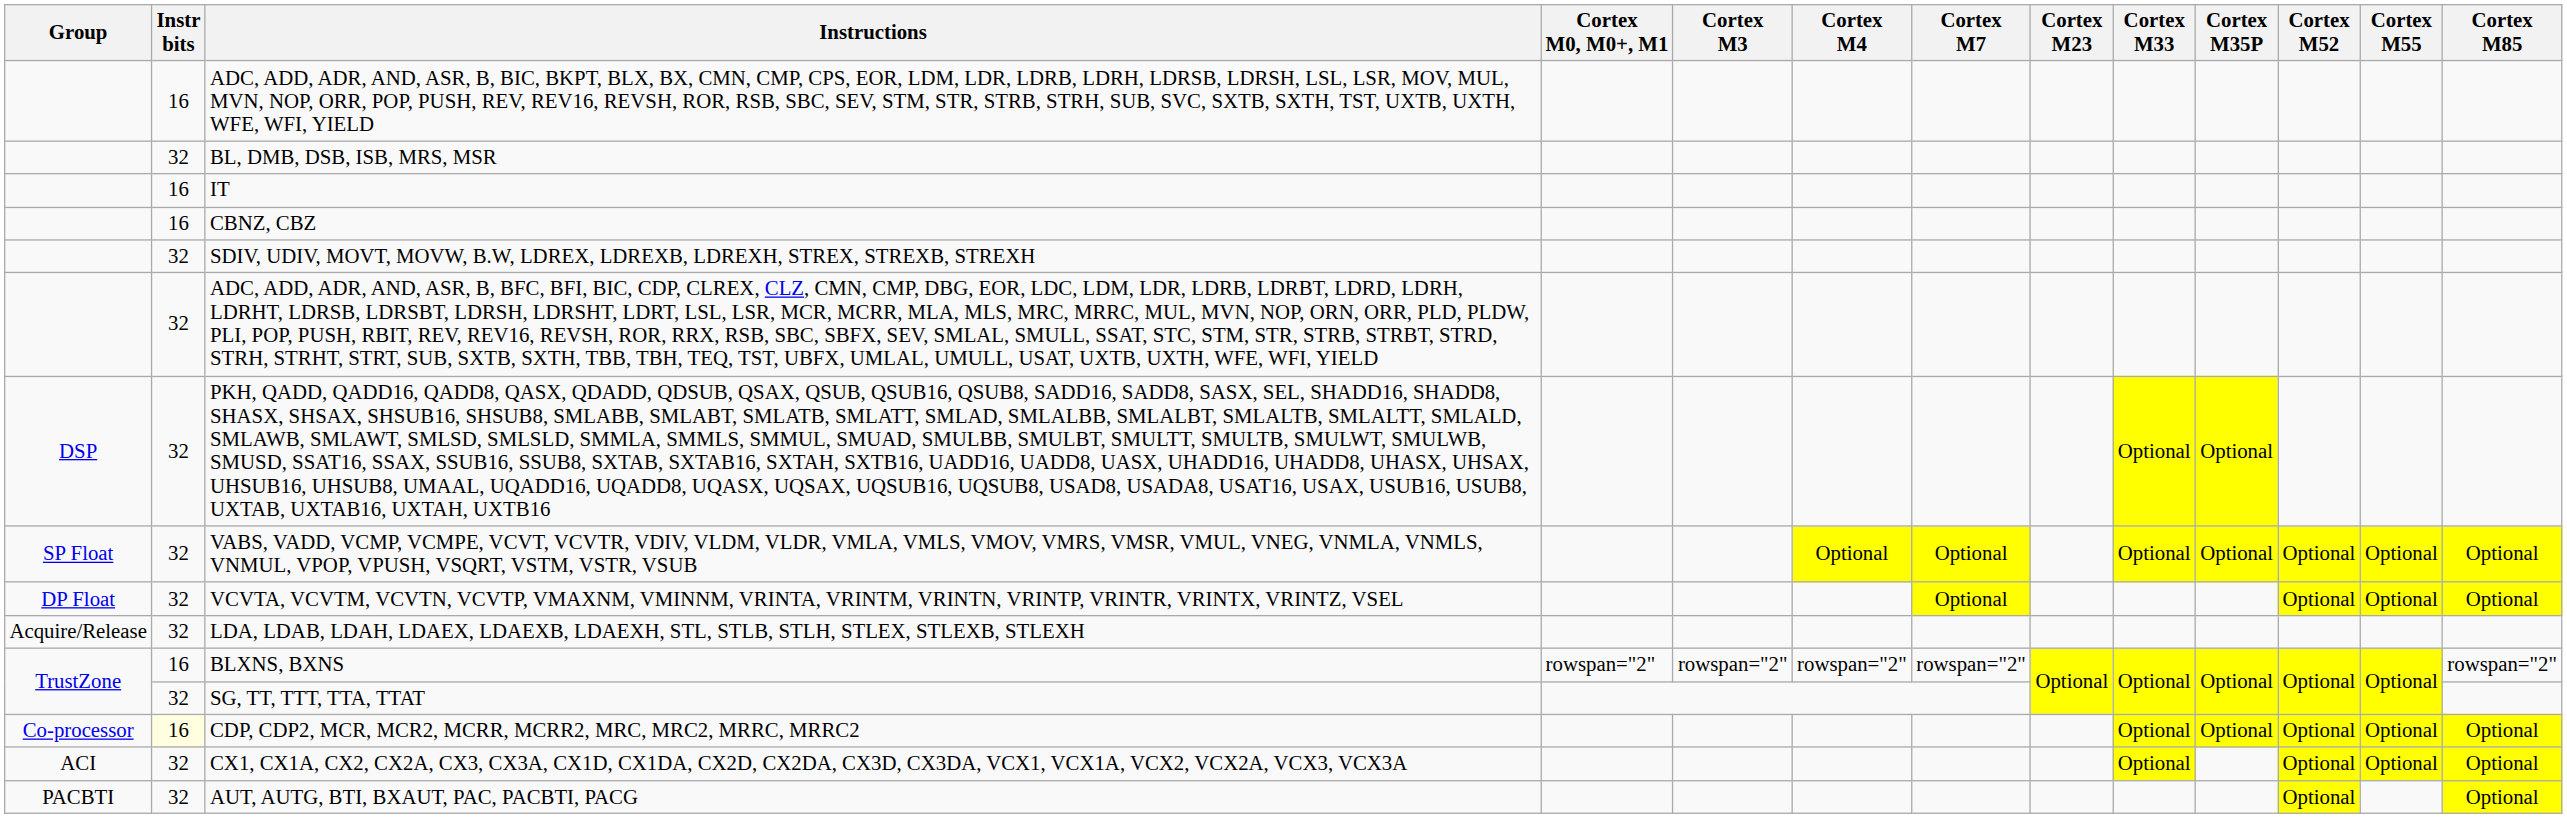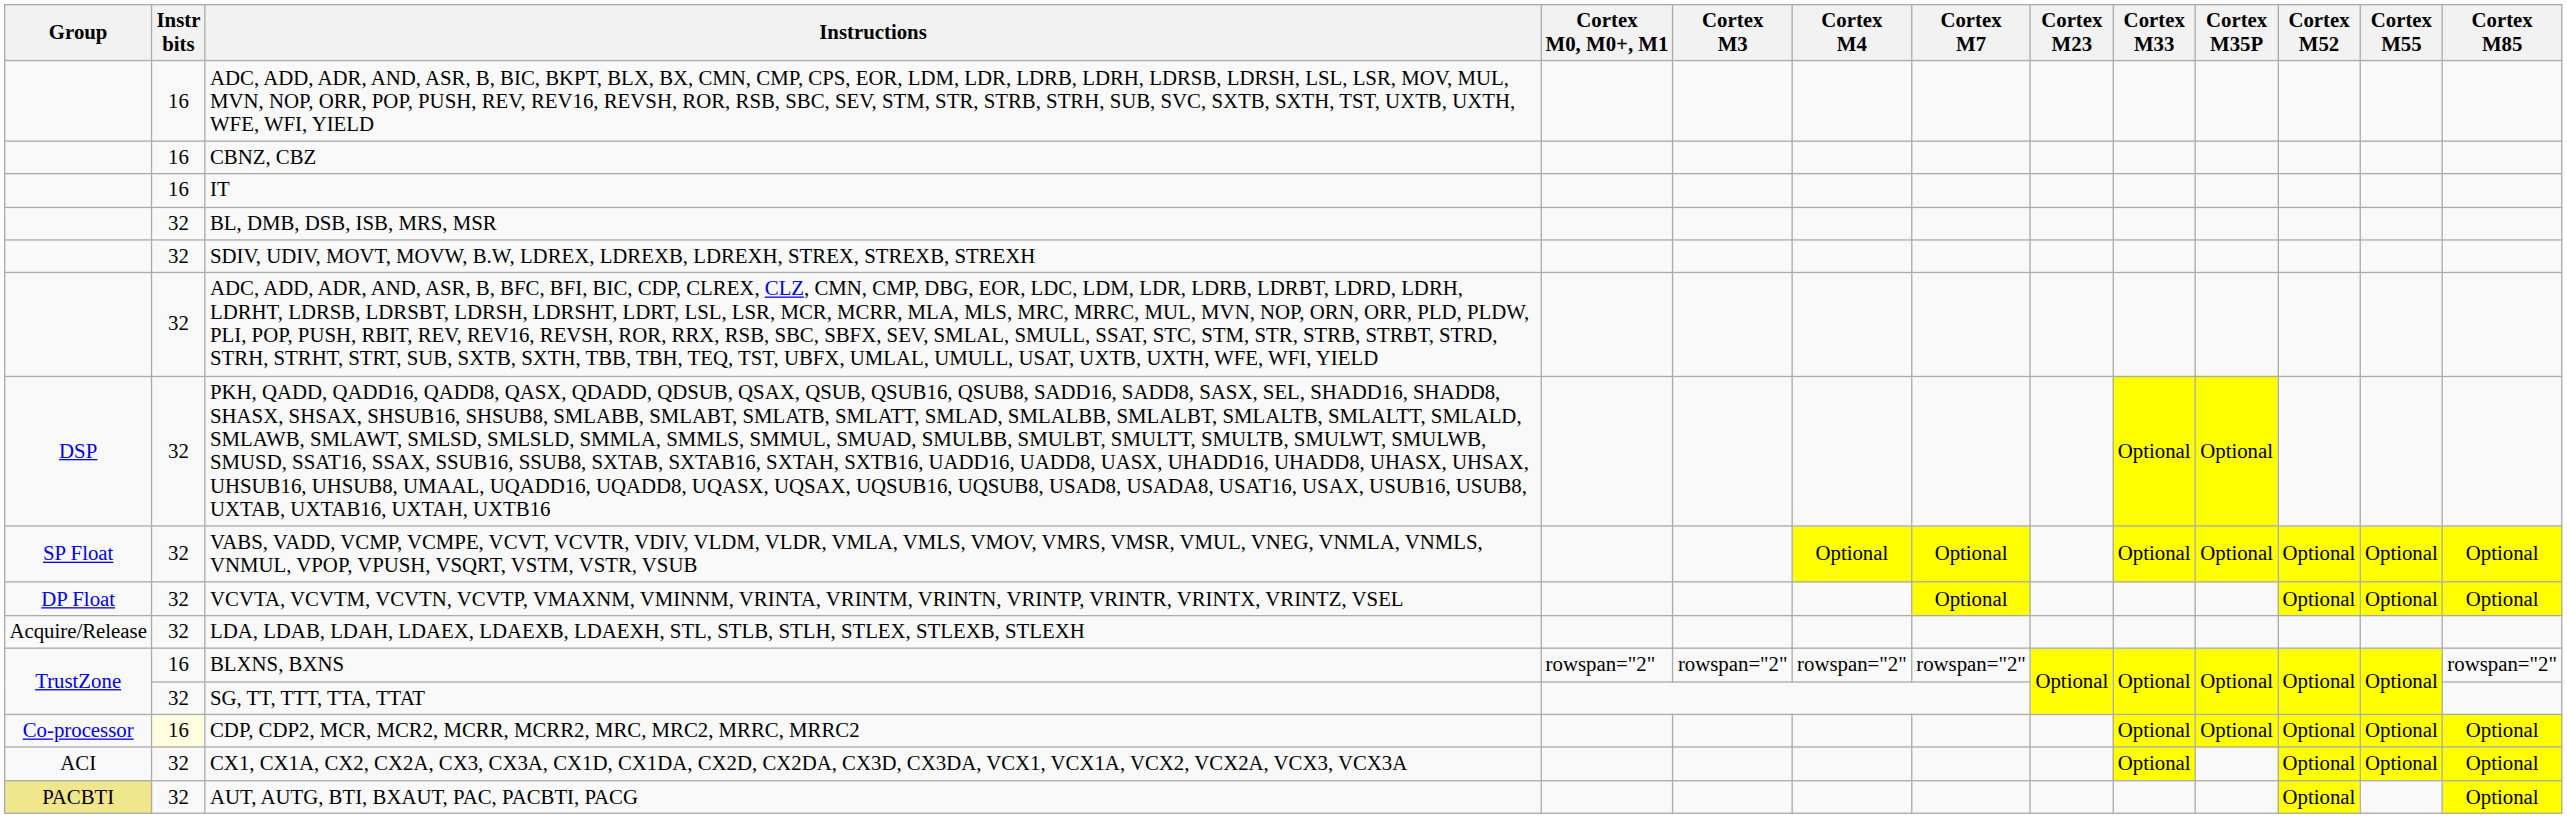 <table class="wikitable">
 <tr>
 <th>Group</th>
 <th>Instr<br>bits</th>
 <th>Instructions</th>
 <th>Cortex<br>M0, M0+, M1</th>
 <th>Cortex<br>M3</th>
 <th>Cortex<br>M4</th>
 <th>Cortex<br>M7</th>
 <th>Cortex<br>M23</th>
 <th>Cortex<br>M33</th>
 <th>Cortex<br>M35P</th>
 <th>Cortex<br>M52</th>
 <th>Cortex<br>M55</th>
 <th>Cortex<br>M85</th>
 </tr>
 <tr>
 <td style="text-align: center;"></td>
 <td style="text-align: center;">16</td>
 <td>ADC, ADD, ADR, AND, ASR, B, BIC, BKPT, BLX, BX, CMN, CMP, CPS, EOR, LDM, LDR, LDRB, LDRH, LDRSB, LDRSH, LSL, LSR, MOV, MUL, MVN, NOP, ORR, POP, PUSH, REV, REV16, REVSH, ROR, RSB, SBC, SEV, STM, STR, STRB, STRH, SUB, SVC, SXTB, SXTH, TST, UXTB, UXTH, WFE, WFI, YIELD</td>
 <td></td>
 <td></td>
 <td></td>
 <td></td>
 <td></td>
 <td></td>
 <td></td>
 <td></td>
 <td></td>
 <td></td>
 </tr>
 <tr>
 <td style="text-align: center;"></td>
-<td style="text-align: center;">32</td>
-<td>BL, DMB, DSB, ISB, MRS, MSR</td>
+<td style="text-align: center;">16</td>
+<td>CBNZ, CBZ</td>
 <td></td>
 <td></td>
 <td></td>
 <td></td>
 <td></td>
 <td></td>
 <td></td>
 <td></td>
 <td></td>
 <td></td>
 </tr>
 <tr>
 <td style="text-align: center;"></td>
 <td style="text-align: center;">16</td>
 <td>IT</td>
 <td></td>
 <td></td>
 <td></td>
 <td></td>
 <td></td>
 <td></td>
 <td></td>
 <td></td>
 <td></td>
 <td></td>
 </tr>
 <tr>
 <td style="text-align: center;"></td>
-<td style="text-align: center;">16</td>
-<td>CBNZ, CBZ</td>
+<td style="text-align: center;">32</td>
+<td>BL, DMB, DSB, ISB, MRS, MSR</td>
 <td></td>
 <td></td>
 <td></td>
 <td></td>
 <td></td>
 <td></td>
 <td></td>
 <td></td>
 <td></td>
 <td></td>
 </tr>
 <tr>
 <td style="text-align: center;"></td>
 <td style="text-align: center;">32</td>
 <td>SDIV, UDIV, MOVT, MOVW, B.W, LDREX, LDREXB, LDREXH, STREX, STREXB, STREXH</td>
 <td></td>
 <td></td>
 <td></td>
 <td></td>
 <td></td>
 <td></td>
 <td></td>
 <td></td>
 <td></td>
 <td></td>
 </tr>
 <tr>
 <td style="text-align: center;"></td>
 <td style="text-align: center;">32</td>
 <td>ADC, ADD, ADR, AND, ASR, B, BFC, BFI, BIC, CDP, CLREX, <a href='#'>CLZ</a>, CMN, CMP, DBG, EOR, LDC, LDM, LDR, LDRB, LDRBT, LDRD, LDRH, LDRHT, LDRSB, LDRSBT, LDRSH, LDRSHT, LDRT, LSL, LSR, MCR, MCRR, MLA, MLS, MRC, MRRC, MUL, MVN, NOP, ORN, ORR, PLD, PLDW, PLI, POP, PUSH, RBIT, REV, REV16, REVSH, ROR, RRX, RSB, SBC, SBFX, SEV, SMLAL, SMULL, SSAT, STC, STM, STR, STRB, STRBT, STRD, STRH, STRHT, STRT, SUB, SXTB, SXTH, TBB, TBH, TEQ, TST, UBFX, UMLAL, UMULL, USAT, UXTB, UXTH, WFE, WFI, YIELD</td>
 <td></td>
 <td></td>
 <td></td>
 <td></td>
 <td></td>
 <td></td>
 <td></td>
 <td></td>
 <td></td>
 <td></td>
 </tr>
 <tr>
 <td style="text-align: center;"><a href='#'>DSP</a></td>
 <td style="text-align: center;">32</td>
 <td>PKH, QADD, QADD16, QADD8, QASX, QDADD, QDSUB, QSAX, QSUB, QSUB16, QSUB8, SADD16, SADD8, SASX, SEL, SHADD16, SHADD8, SHASX, SHSAX, SHSUB16, SHSUB8, SMLABB, SMLABT, SMLATB, SMLATT, SMLAD, SMLALBB, SMLALBT, SMLALTB, SMLALTT, SMLALD, SMLAWB, SMLAWT, SMLSD, SMLSLD, SMMLA, SMMLS, SMMUL, SMUAD, SMULBB, SMULBT, SMULTT, SMULTB, SMULWT, SMULWB, SMUSD, SSAT16, SSAX, SSUB16, SSUB8, SXTAB, SXTAB16, SXTAH, SXTB16, UADD16, UADD8, UASX, UHADD16, UHADD8, UHASX, UHSAX, UHSUB16, UHSUB8, UMAAL, UQADD16, UQADD8, UQASX, UQSAX, UQSUB16, UQSUB8, USAD8, USADA8, USAT16, USAX, USUB16, USUB8, UXTAB, UXTAB16, UXTAH, UXTB16</td>
 <td></td>
 <td></td>
 <td></td>
 <td></td>
 <td></td>
 <td style="background: yellow; text-align: center;">Optional</td>
 <td style="background: yellow; text-align: center;">Optional</td>
 <td></td>
 <td></td>
 <td></td>
 </tr>
 <tr>
 <td style="text-align: center;"><a href='#'>SP Float</a></td>
 <td style="text-align: center;">32</td>
 <td>VABS, VADD, VCMP, VCMPE, VCVT, VCVTR, VDIV, VLDM, VLDR, VMLA, VMLS, VMOV, VMRS, VMSR, VMUL, VNEG, VNMLA, VNMLS, VNMUL, VPOP, VPUSH, VSQRT, VSTM, VSTR, VSUB</td>
 <td></td>
 <td></td>
 <td style="background: yellow; text-align: center;">Optional</td>
 <td style="background: yellow; text-align: center;">Optional</td>
 <td></td>
 <td style="background: yellow; text-align: center;">Optional</td>
 <td style="background: yellow; text-align: center;">Optional</td>
 <td style="background: yellow; text-align: center;">Optional</td>
 <td style="background: yellow; text-align: center;">Optional</td>
 <td style="background: yellow; text-align: center;">Optional</td>
 </tr>
 <tr>
 <td style="text-align: center;"><a href='#'>DP Float</a></td>
 <td style="text-align: center;">32</td>
 <td>VCVTA, VCVTM, VCVTN, VCVTP, VMAXNM, VMINNM, VRINTA, VRINTM, VRINTN, VRINTP, VRINTR, VRINTX, VRINTZ, VSEL</td>
 <td></td>
 <td></td>
 <td></td>
 <td style="background: yellow; text-align: center;">Optional</td>
 <td></td>
 <td></td>
 <td></td>
 <td style="background: yellow; text-align: center;">Optional</td>
 <td style="background: yellow; text-align: center;">Optional</td>
 <td style="background: yellow; text-align: center;">Optional</td>
 </tr>
 <tr>
 <td style="text-align: center;">Acquire/Release</td>
 <td style="text-align: center;">32</td>
 <td>LDA, LDAB, LDAH, LDAEX, LDAEXB, LDAEXH, STL, STLB, STLH, STLEX, STLEXB, STLEXH</td>
 <td></td>
 <td></td>
 <td></td>
 <td></td>
 <td></td>
 <td></td>
 <td></td>
 <td></td>
 <td></td>
 <td></td>
 </tr>
 <tr>
 <td rowspan="2" style="text-align: center;"><a href='#'>TrustZone</a></td>
 <td style="text-align: center;">16</td>
 <td>BLXNS, BXNS</td>
 <td>rowspan="2" </td>
 <td>rowspan="2" </td>
 <td>rowspan="2" </td>
 <td>rowspan="2" </td>
 <td rowspan="2" style="background: yellow; text-align: center;">Optional</td>
 <td rowspan="2" style="background: yellow; text-align: center;">Optional</td>
 <td rowspan="2" style="background: yellow; text-align: center;">Optional</td>
 <td rowspan="2" style="background: yellow; text-align: center;">Optional</td>
 <td rowspan="2" style="background: yellow; text-align: center;">Optional</td>
 <td>rowspan="2" </td>
 </tr>
 <tr>
 <td style="text-align: center;">32</td>
 <td>SG, TT, TTT, TTA, TTAT</td>
 </tr>
 <tr>
 <td style="text-align: center;"><a href='#'>Co-processor</a></td>
 <td style="background: lightyellow; text-align: center;">16</td>
 <td>CDP, CDP2, MCR, MCR2, MCRR, MCRR2, MRC, MRC2, MRRC, MRRC2</td>
 <td></td>
 <td></td>
 <td></td>
 <td></td>
 <td></td>
 <td style="background: yellow; text-align: center;">Optional</td>
 <td style="background: yellow; text-align: center;">Optional</td>
 <td style="background: yellow; text-align: center;">Optional</td>
 <td style="background: yellow; text-align: center;">Optional</td>
 <td style="background: yellow; text-align: center;">Optional</td>
 </tr>
 <tr>
 <td style="text-align: center;">ACI</td>
 <td style="text-align: center;">32</td>
 <td>CX1, CX1A, CX2, CX2A, CX3, CX3A, CX1D, CX1DA, CX2D, CX2DA, CX3D, CX3DA, VCX1, VCX1A, VCX2, VCX2A, VCX3, VCX3A</td>
 <td></td>
 <td></td>
 <td></td>
 <td></td>
 <td></td>
 <td style="background: yellow; text-align: center;">Optional</td>
 <td></td>
 <td style="background: yellow; text-align: center;">Optional</td>
 <td style="background: yellow; text-align: center;">Optional</td>
 <td style="background: yellow; text-align: center;">Optional</td>
 </tr>
 <tr>
-<td style="text-align: center;">PACBTI</td>
+<td style="background: khaki; text-align: center;">PACBTI</td>
 <td style="text-align: center;">32</td>
 <td>AUT, AUTG, BTI, BXAUT, PAC, PACBTI, PACG</td>
 <td></td>
 <td></td>
 <td></td>
 <td></td>
 <td></td>
 <td></td>
 <td></td>
 <td style="background: yellow; text-align: center;">Optional</td>
 <td></td>
 <td style="background: yellow; text-align: center;">Optional</td>
 </tr>
 </table>
